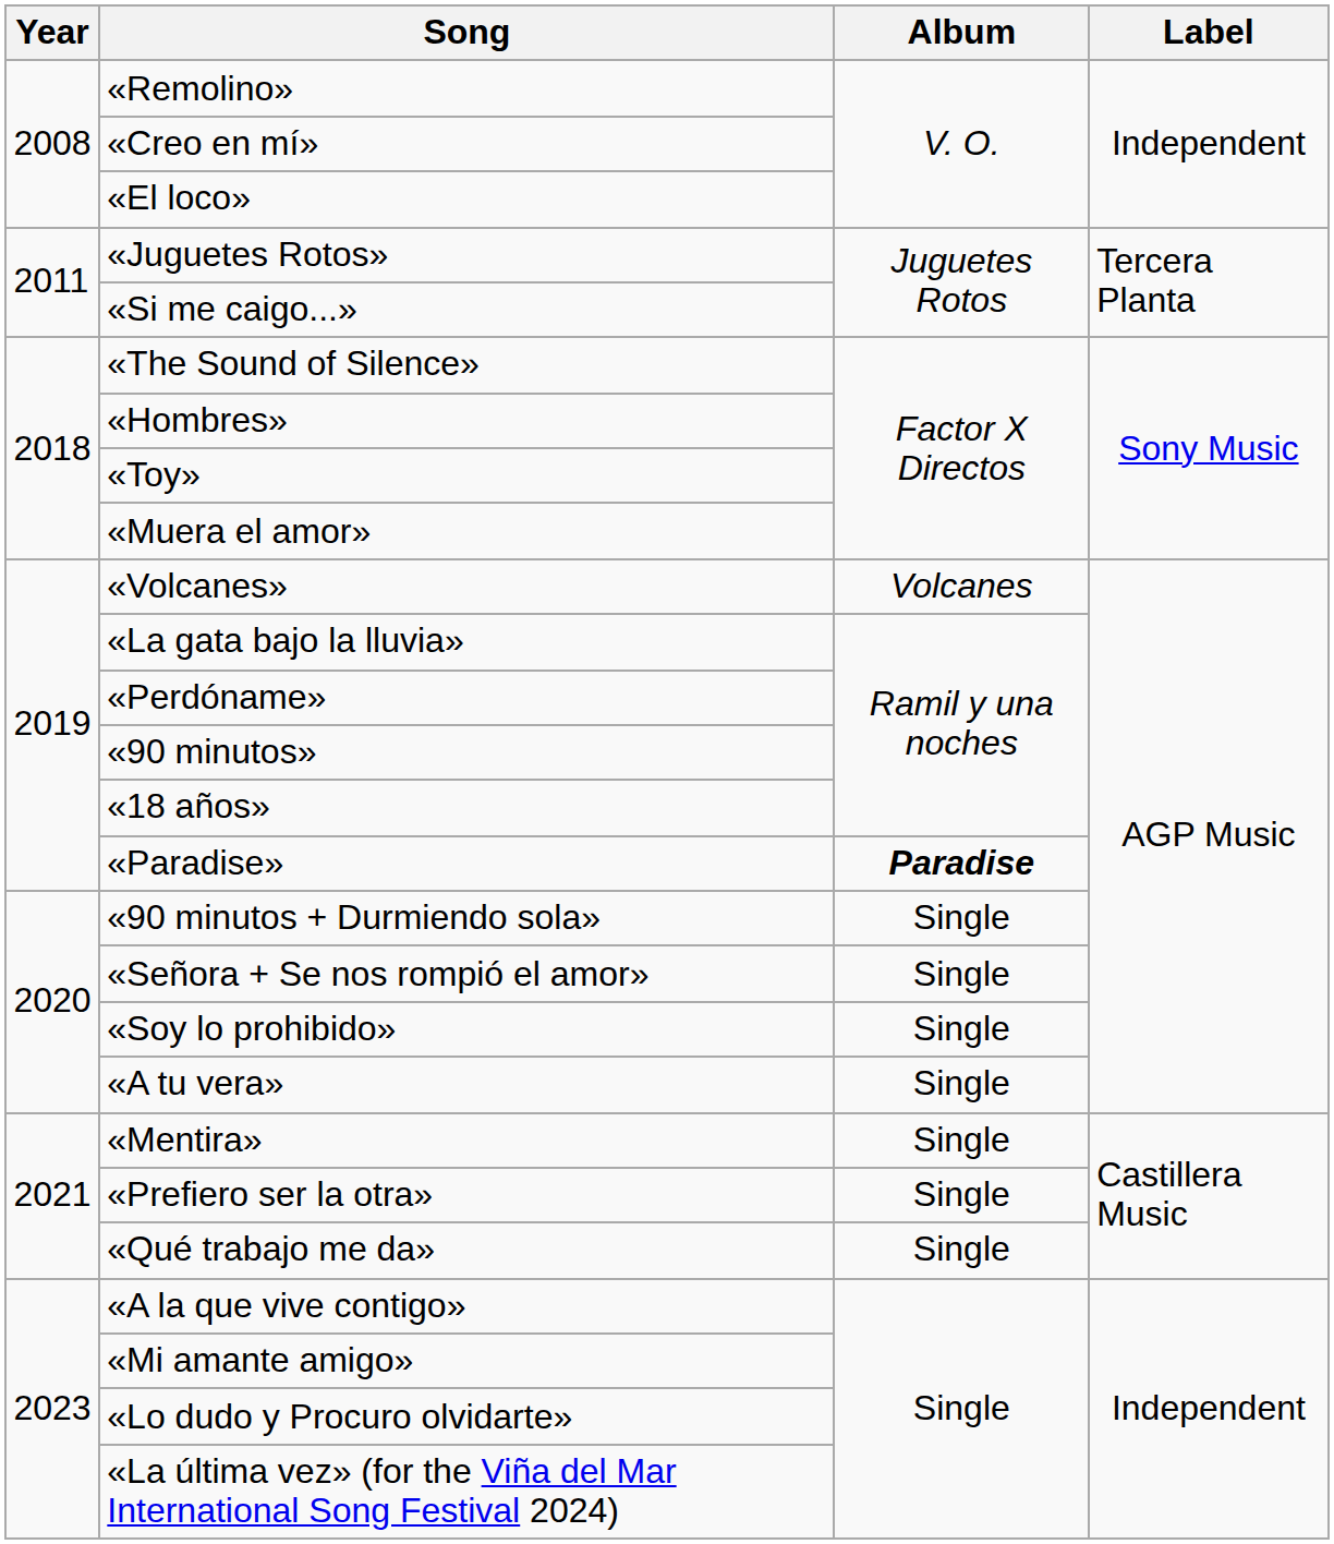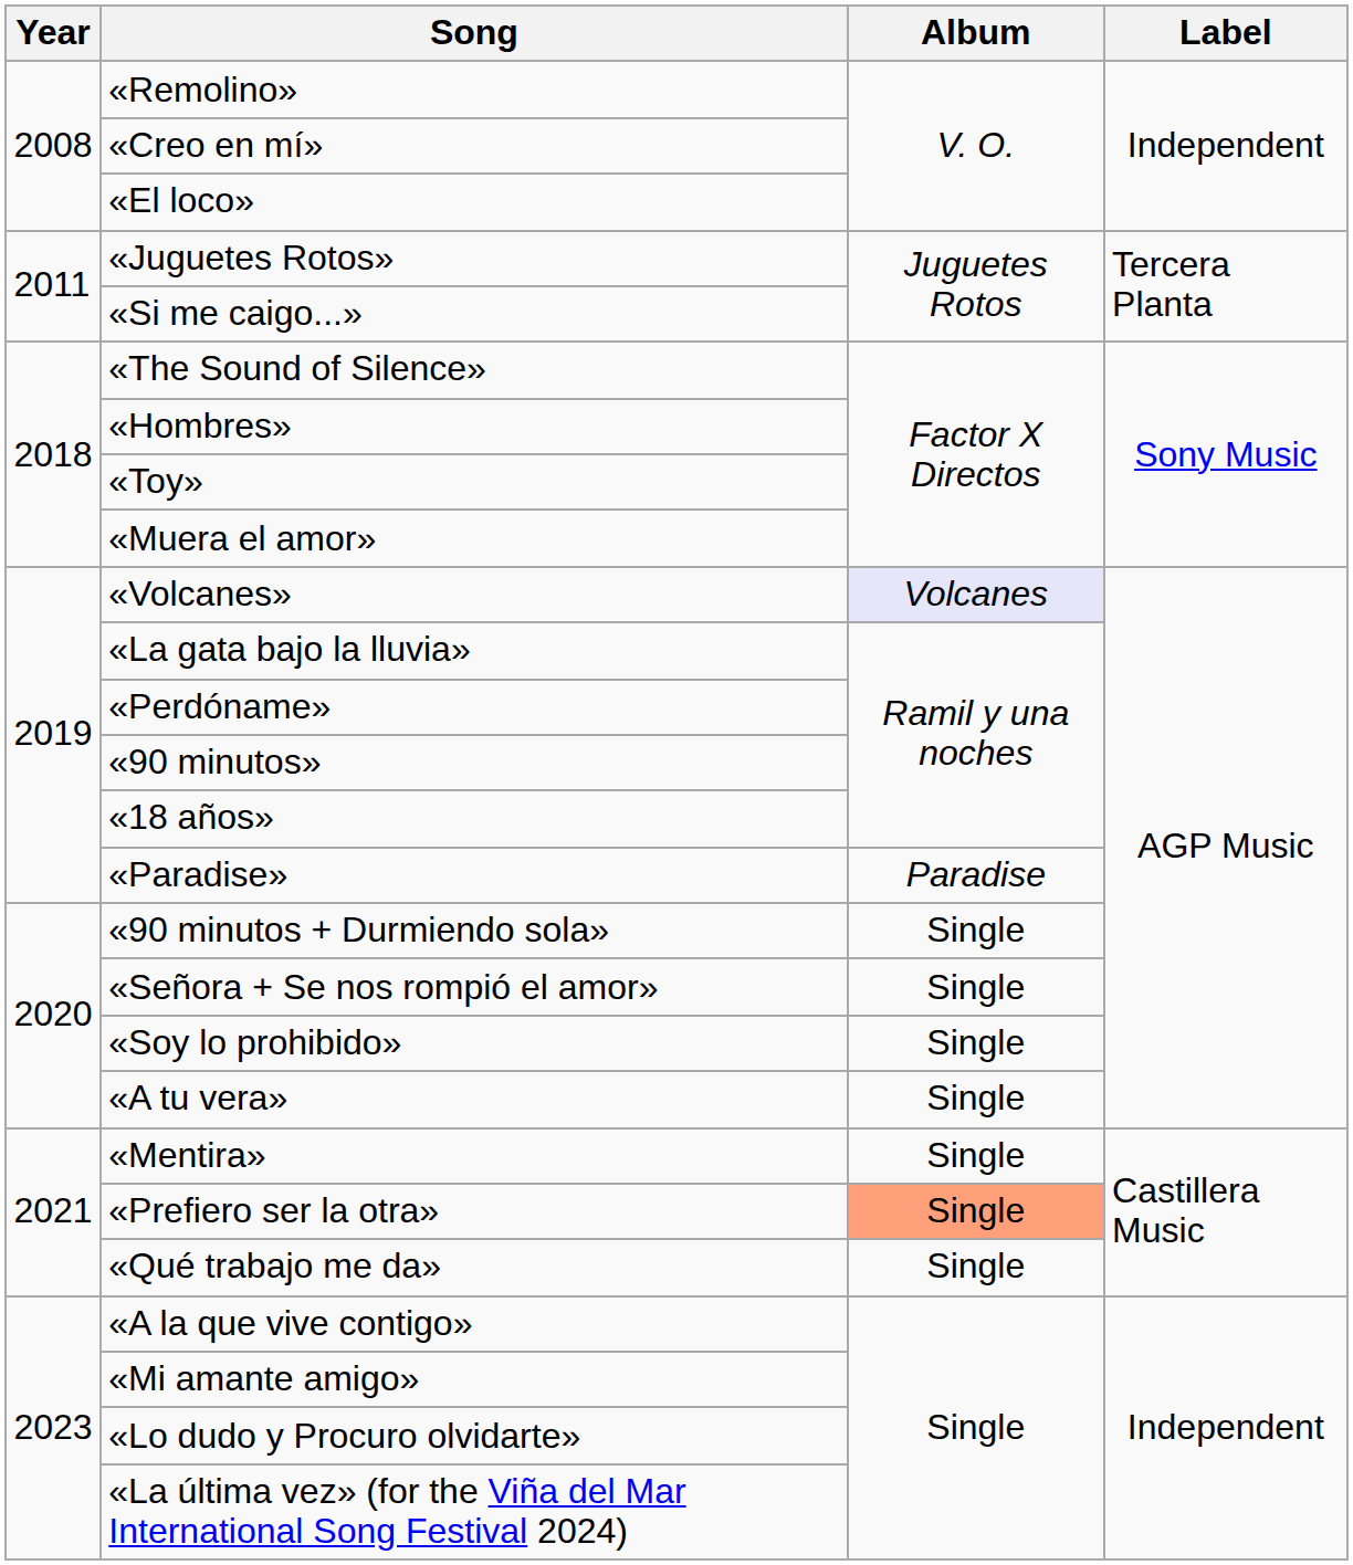 <table class="wikitable plainrowheaders">
 <tr>
 <th>Year</th>
 <th>Song</th>
 <th>Album</th>
 <th>Label</th>
 </tr>
 <tr>
 <td rowspan="3">2008</td>
 <td>«Remolino»</td>
 <td rowspan="3" style="text-align:center;"><em>V. O.</em></td>
 <td rowspan="3" style="text-align:center;">Independent</td>
 </tr>
 <tr>
 <td>«Creo en mí»</td>
 </tr>
 <tr>
 <td>«El loco»</td>
 </tr>
 <tr>
 <td rowspan="2">2011</td>
 <td>«Juguetes Rotos»</td>
 <td rowspan="2" style="text-align:center;"><em>Juguetes Rotos</em></td>
 <td rowspan="2">Tercera Planta</td>
 </tr>
 <tr>
 <td>«Si me caigo...»</td>
 </tr>
 <tr>
 <td rowspan="4">2018</td>
 <td>«The Sound of Silence»</td>
 <td rowspan="4" style="text-align:center;"><em>Factor X Directos</em></td>
 <td rowspan="4" style="text-align:center;"><a href='#'>Sony Music</a></td>
 </tr>
 <tr>
 <td>«Hombres»</td>
 </tr>
 <tr>
 <td>«Toy»</td>
 </tr>
 <tr>
 <td>«Muera el amor»</td>
 </tr>
 <tr>
 <td rowspan="6">2019</td>
 <td>«Volcanes»</td>
-<td style="text-align:center;"><em>Volcanes</em></td>
+<td style="background: lavender; text-align:center;"><em>Volcanes</em></td>
 <td rowspan="10" style="text-align:center;">AGP Music</td>
 </tr>
 <tr>
 <td>«La gata bajo la lluvia»</td>
 <td rowspan="4" style="text-align:center;"><em>Ramil y una noches</em></td>
 </tr>
 <tr>
 <td>«Perdóname»</td>
 </tr>
 <tr>
 <td>«90 minutos»</td>
 </tr>
 <tr>
 <td>«18 años»</td>
 </tr>
 <tr>
 <td>«Paradise»</td>
-<td rowspan="1" style="text-align:center;"><strong><em>Paradise</em></strong></td>
+<td rowspan="1" style="text-align:center;"><em>Paradise</em></td>
 </tr>
 <tr>
 <td rowspan="4">2020</td>
 <td>«90 minutos + Durmiendo sola»</td>
 <td style="text-align:center;">Single</td>
 </tr>
 <tr>
 <td>«Señora + Se nos rompió el amor»</td>
 <td style="text-align:center;">Single</td>
 </tr>
 <tr>
 <td>«Soy lo prohibido»</td>
 <td style="text-align:center;">Single</td>
 </tr>
 <tr>
 <td>«A tu vera»</td>
 <td style="text-align:center;">Single</td>
 </tr>
 <tr>
 <td rowspan="3">2021</td>
 <td>«Mentira»</td>
 <td style="text-align:center;">Single</td>
 <td rowspan="3">Castillera Music</td>
 </tr>
 <tr>
 <td>«Prefiero ser la otra»</td>
-<td style="text-align:center;">Single</td>
+<td style="background: lightsalmon; text-align:center;">Single</td>
 </tr>
 <tr>
 <td>«Qué trabajo me da»</td>
 <td style="text-align:center;">Single</td>
 </tr>
 <tr>
 <td rowspan="4">2023</td>
 <td>«A la que vive contigo»</td>
 <td rowspan="4" style="text-align:center;">Single</td>
 <td rowspan="4" style="text-align:center;">Independent</td>
 </tr>
 <tr>
 <td>«Mi amante amigo»</td>
 </tr>
 <tr>
 <td>«Lo dudo y Procuro olvidarte»</td>
 </tr>
 <tr>
 <td>«La última vez» (for the <a href='#'>Viña del Mar International Song Festival</a> 2024)</td>
 </tr>
 <tr>
 </tr>
 </table>
